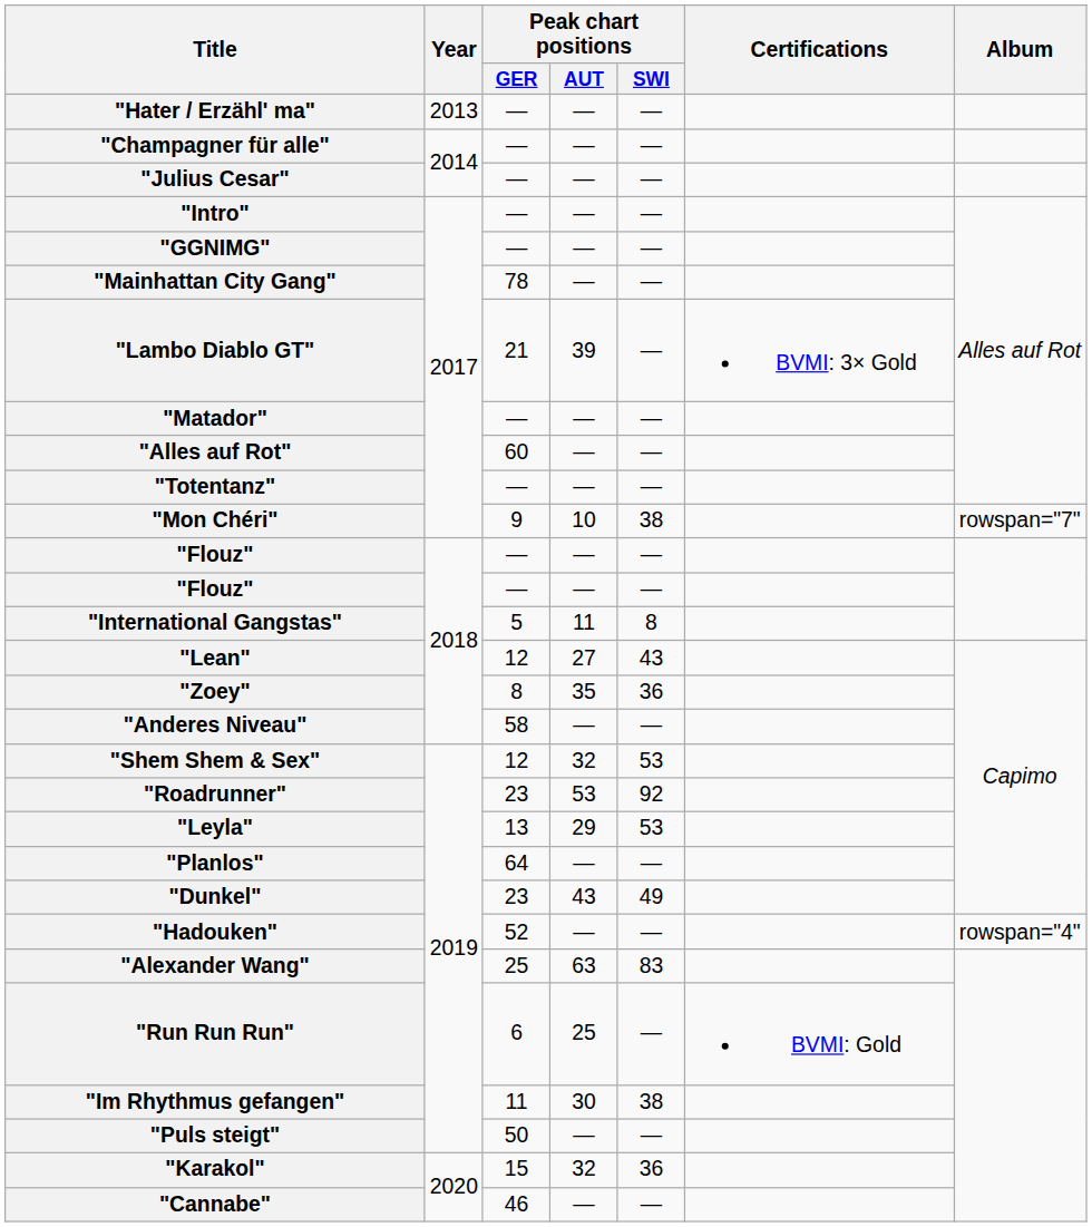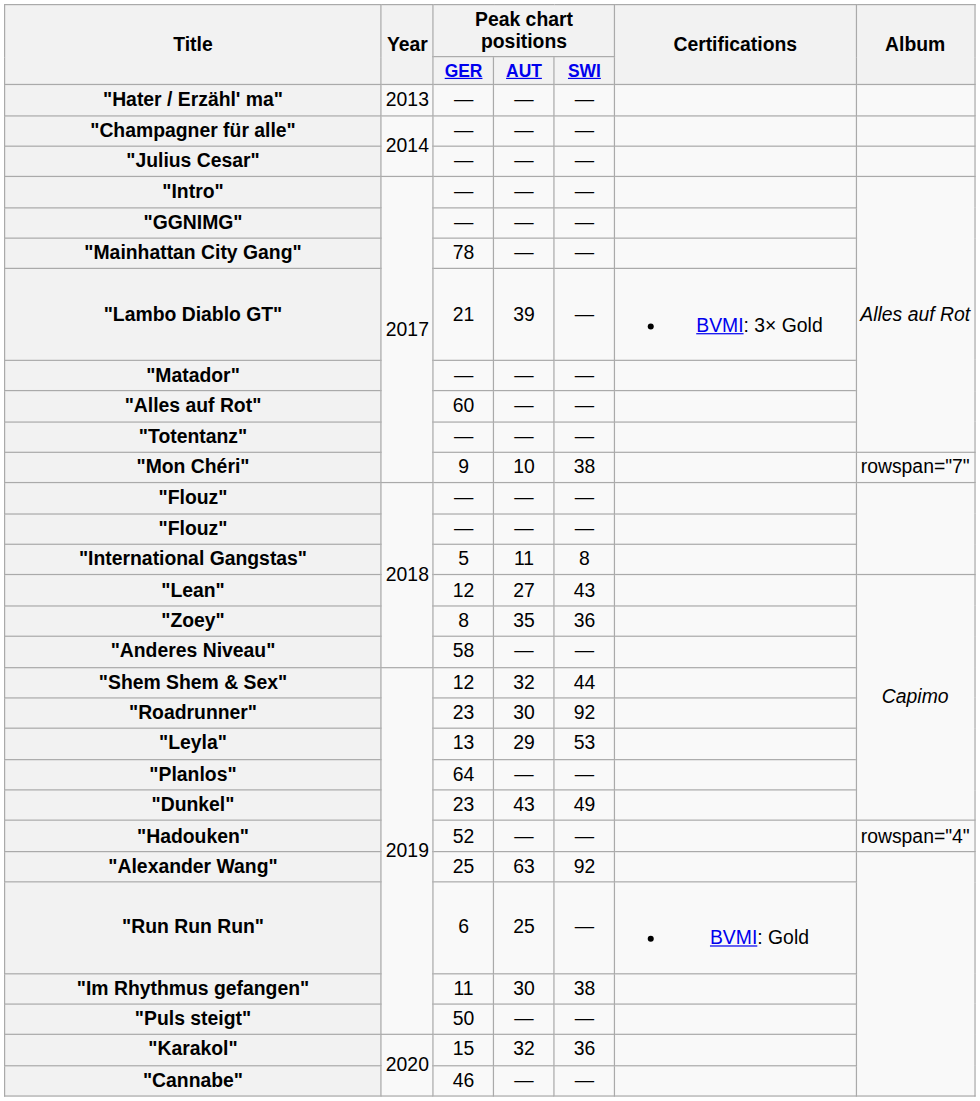 <table class="wikitable plainrowheaders" style="text-align: center;">
 <tr>
 <th scope="col" rowspan="2" style="width:19em;">Title</th>
 <th scope="col" rowspan="2">Year</th>
 <th scope="col" colspan="3">Peak chart positions</th>
 <th scope="col" rowspan="2" style="width:12em;">Certifications</th>
 <th scope="col" rowspan="2">Album</th>
 </tr>
 <tr>
 <th scope="col" style="width:3em;font-size:90%;"><a href='#'>GER</a><br></th>
 <th scope="col" style="width:3em;font-size:90%;"><a href='#'>AUT</a><br></th>
 <th scope="col" style="width:3em;font-size:90%;"><a href='#'>SWI</a><br></th>
 </tr>
 <tr>
 <th scope="row">"Hater / Erzähl' ma"</th>
 <td>2013</td>
 <td>—</td>
 <td>—</td>
 <td>—</td>
 <td></td>
 <td></td>
 </tr>
 <tr>
 <th scope="row">"Champagner für alle"</th>
 <td rowspan="2">2014</td>
 <td>—</td>
 <td>—</td>
 <td>—</td>
 <td></td>
 <td></td>
 </tr>
 <tr>
 <th scope="row">"Julius Cesar"<br></th>
 <td>—</td>
 <td>—</td>
 <td>—</td>
 <td></td>
 <td></td>
 </tr>
 <tr>
 <th scope="row">"Intro"</th>
 <td rowspan="8">2017</td>
 <td>—</td>
 <td>—</td>
 <td>—</td>
 <td></td>
 <td rowspan="7"><em>Alles auf Rot</em></td>
 </tr>
 <tr>
 <th scope="row">"GGNIMG"</th>
 <td>—</td>
 <td>—</td>
 <td>—</td>
 <td></td>
 </tr>
 <tr>
 <th scope="row">"Mainhattan City Gang"</th>
 <td>78</td>
 <td>—</td>
 <td>—</td>
 <td></td>
 </tr>
 <tr>
 <th scope="row">"Lambo Diablo GT"<br></th>
 <td>21</td>
 <td>39</td>
 <td>—</td>
 <td><br><ul><li><a href='#'>BVMI</a>: 3× Gold</li></ul></td>
 </tr>
 <tr>
 <th scope="row">"Matador"<br></th>
 <td>—</td>
 <td>—</td>
 <td>—</td>
 <td></td>
 </tr>
 <tr>
 <th scope="row">"Alles auf Rot"</th>
 <td>60</td>
 <td>—</td>
 <td>—</td>
 <td></td>
 </tr>
 <tr>
 <th scope="row">"Totentanz"</th>
 <td>—</td>
 <td>—</td>
 <td>—</td>
 <td></td>
 </tr>
 <tr>
 <th scope="row">"Mon Chéri"<br></th>
 <td>9</td>
 <td>10</td>
 <td>38</td>
 <td></td>
 <td>rowspan="7" </td>
 </tr>
 <tr>
 <th scope="row">"Flouz"<br></th>
 <td rowspan="6">2018</td>
 <td>—</td>
 <td>—</td>
 <td>—</td>
 <td></td>
 </tr>
 <tr>
 <th scope="row">"Flouz"<br></th>
 <td>—</td>
 <td>—</td>
 <td>—</td>
 <td></td>
 </tr>
 <tr>
 <th scope="row">"International Gangstas"<br></th>
 <td>5</td>
 <td>11</td>
 <td>8</td>
 <td></td>
 </tr>
 <tr>
 <th scope="row">"Lean"<br></th>
 <td>12</td>
 <td>27</td>
 <td>43</td>
 <td></td>
 <td rowspan="8"><em>Capimo</em></td>
 </tr>
 <tr>
 <th scope="row">"Zoey"<br></th>
 <td>8</td>
 <td>35</td>
 <td>36</td>
 <td></td>
 </tr>
 <tr>
 <th scope="row">"Anderes Niveau"<br></th>
 <td>58</td>
 <td>—</td>
 <td>—</td>
 <td></td>
 </tr>
 <tr>
 <th scope="row">"Shem Shem & Sex"<br></th>
 <td rowspan="10">2019</td>
 <td>12</td>
 <td>32</td>
-<td>53</td>
+<td>44</td>
 <td></td>
 </tr>
 <tr>
 <th scope="row">"Roadrunner"<br></th>
 <td>23</td>
-<td>53</td>
+<td>30</td>
 <td>92</td>
 <td></td>
 </tr>
 <tr>
 <th scope="row">"Leyla"<br></th>
 <td>13</td>
 <td>29</td>
 <td>53</td>
 <td></td>
 </tr>
 <tr>
 <th scope="row">"Planlos"<br></th>
 <td>64</td>
 <td>—</td>
 <td>—</td>
 <td></td>
 </tr>
 <tr>
 <th scope="row">"Dunkel"<br></th>
 <td>23</td>
 <td>43</td>
 <td>49</td>
 <td></td>
 </tr>
 <tr>
 <th scope="row">"Hadouken"</th>
 <td>52</td>
 <td>—</td>
 <td>—</td>
 <td></td>
 <td>rowspan="4" </td>
 </tr>
 <tr>
 <th scope="row">"Alexander Wang"</th>
 <td>25</td>
 <td>63</td>
-<td>83</td>
+<td>92</td>
 <td></td>
 </tr>
 <tr>
 <th scope="row">"Run Run Run"</th>
 <td>6</td>
 <td>25</td>
 <td>—</td>
 <td><br><ul><li><a href='#'>BVMI</a>: Gold</li></ul></td>
 </tr>
 <tr>
 <th scope="row">"Im Rhythmus gefangen"</th>
 <td>11</td>
 <td>30</td>
 <td>38</td>
 <td></td>
 </tr>
 <tr>
 <th scope="row">"Puls steigt"</th>
 <td>50</td>
 <td>—</td>
 <td>—</td>
 <td></td>
 </tr>
 <tr>
 <th scope="row">"Karakol"</th>
 <td rowspan="2">2020</td>
 <td>15</td>
 <td>32</td>
 <td>36</td>
 <td></td>
 </tr>
 <tr>
 <th scope="row">"Cannabe"</th>
 <td>46</td>
 <td>—</td>
 <td>—</td>
 <td></td>
 </tr>
 </table>
